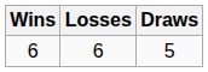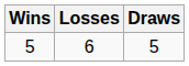 <table class="wikitable">
 <tr>
 <th>Wins</th>
 <th>Losses</th>
 <th>Draws</th>
 </tr>
 <tr>
-<td align=center>6</td>
+<td align=center>5</td>
 <td align=center>6</td>
 <td align=center>5</td>
 </tr>
 </table>
